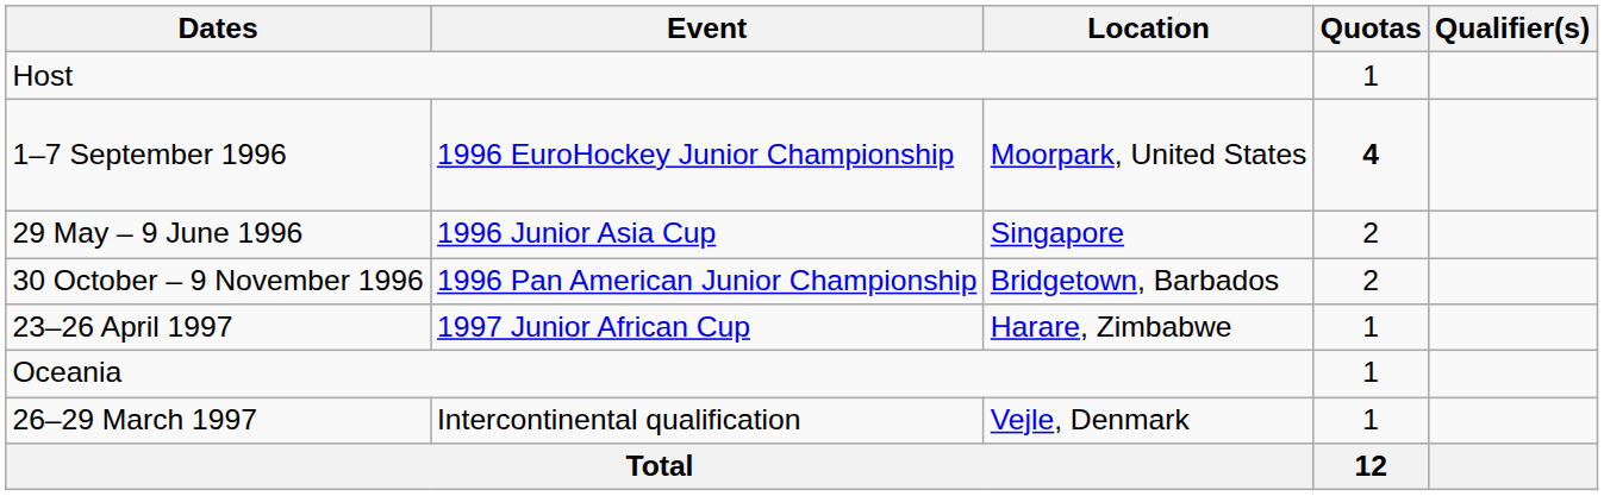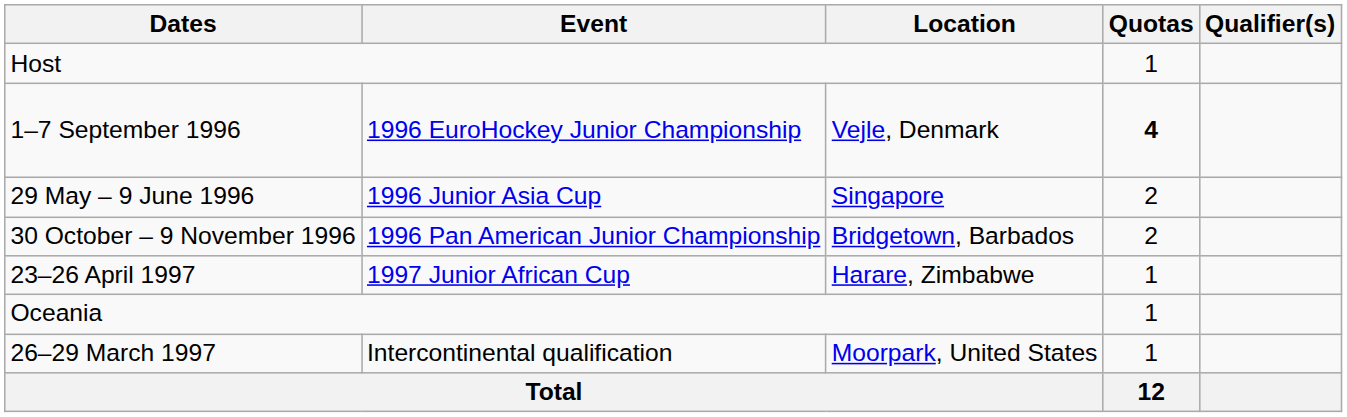 <table class="wikitable">
 <tr>
 <th>Dates</th>
 <th>Event</th>
 <th>Location</th>
 <th>Quotas</th>
 <th>Qualifier(s)</th>
 </tr>
 <tr>
 <td colspan=3>Host</td>
 <td align=center>1</td>
 <td></td>
 </tr>
 <tr>
 <td>1–7 September 1996</td>
 <td><a href='#'>1996 EuroHockey Junior Championship</a></td>
-<td><a href='#'>Moorpark</a>, United States</td>
+<td><a href='#'>Vejle</a>, Denmark</td>
 <td align=center><strong>4</strong></td>
 <td><br><br><br></td>
 </tr>
 <tr>
 <td>29 May – 9 June 1996</td>
 <td><a href='#'>1996 Junior Asia Cup</a></td>
 <td><a href='#'>Singapore</a></td>
 <td align=center>2</td>
 <td><br></td>
 </tr>
 <tr>
 <td>30 October – 9 November 1996</td>
 <td><a href='#'>1996 Pan American Junior Championship</a></td>
 <td><a href='#'>Bridgetown</a>, Barbados</td>
 <td align=center>2</td>
 <td><br></td>
 </tr>
 <tr>
 <td>23–26 April 1997</td>
 <td><a href='#'>1997 Junior African Cup</a></td>
 <td><a href='#'>Harare</a>, Zimbabwe</td>
 <td align=center>1</td>
 <td></td>
 </tr>
 <tr>
 <td colspan=3>Oceania</td>
 <td align=center>1</td>
 <td></td>
 </tr>
 <tr>
 <td>26–29 March 1997</td>
 <td>Intercontinental qualification</td>
-<td><a href='#'>Vejle</a>, Denmark</td>
+<td><a href='#'>Moorpark</a>, United States</td>
 <td align=center>1</td>
 <td></td>
 </tr>
 <tr>
 <th colspan=3>Total</th>
 <th>12</th>
 <th></th>
 </tr>
 </table>
